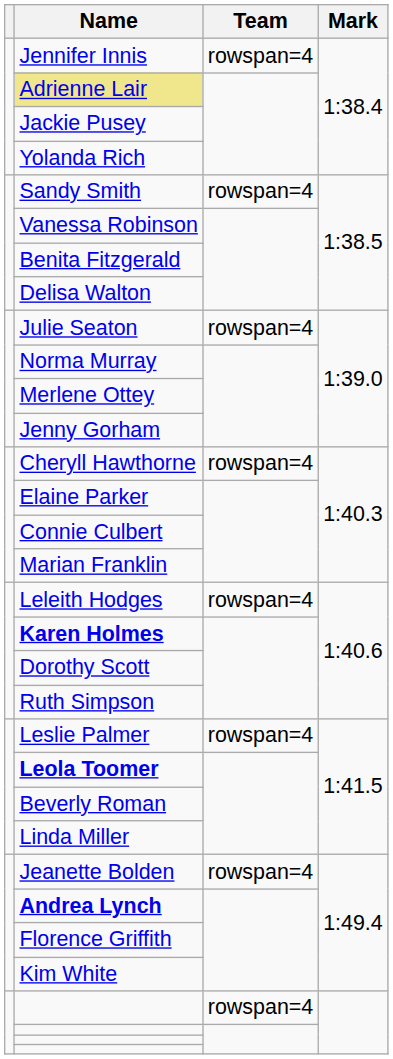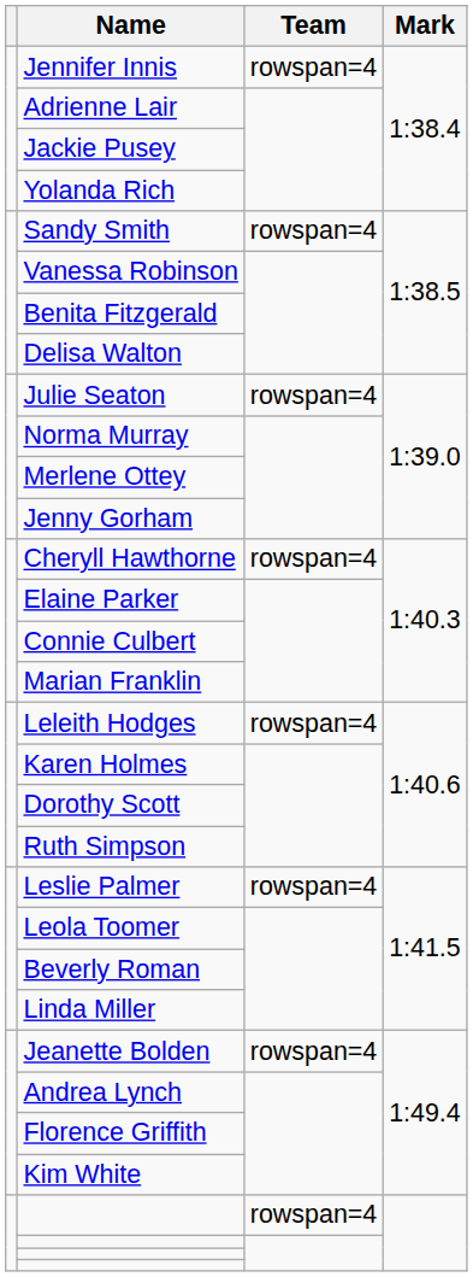 <table class=wikitable>
 <tr>
 <th></th>
 <th>Name</th>
 <th>Team</th>
 <th>Mark</th>
 </tr>
 <tr>
 <td rowspan=4></td>
 <td><a href='#'>Jennifer Innis</a></td>
 <td>rowspan=4 </td>
 <td rowspan=4>1:38.4</td>
 </tr>
 <tr>
-<td style="background: khaki;"><a href='#'>Adrienne Lair</a></td>
+<td><a href='#'>Adrienne Lair</a></td>
 </tr>
 <tr>
 <td><a href='#'>Jackie Pusey</a></td>
 </tr>
 <tr>
 <td><a href='#'>Yolanda Rich</a></td>
 </tr>
 <tr>
 <td rowspan=4></td>
 <td><a href='#'>Sandy Smith</a></td>
 <td>rowspan=4 </td>
 <td rowspan=4>1:38.5</td>
 </tr>
 <tr>
 <td><a href='#'>Vanessa Robinson</a></td>
 </tr>
 <tr>
 <td><a href='#'>Benita Fitzgerald</a></td>
 </tr>
 <tr>
 <td><a href='#'>Delisa Walton</a></td>
 </tr>
 <tr>
 <td rowspan=4></td>
 <td><a href='#'>Julie Seaton</a></td>
 <td>rowspan=4 </td>
 <td rowspan=4>1:39.0</td>
 </tr>
 <tr>
 <td><a href='#'>Norma Murray</a></td>
 </tr>
 <tr>
 <td><a href='#'>Merlene Ottey</a></td>
 </tr>
 <tr>
 <td><a href='#'>Jenny Gorham</a></td>
 </tr>
 <tr>
 <td rowspan=4></td>
 <td><a href='#'>Cheryll Hawthorne</a></td>
 <td>rowspan=4 </td>
 <td rowspan=4>1:40.3</td>
 </tr>
 <tr>
 <td><a href='#'>Elaine Parker</a></td>
 </tr>
 <tr>
 <td><a href='#'>Connie Culbert</a></td>
 </tr>
 <tr>
 <td><a href='#'>Marian Franklin</a></td>
 </tr>
 <tr>
 <td rowspan=4></td>
 <td><a href='#'>Leleith Hodges</a></td>
 <td>rowspan=4 </td>
 <td rowspan=4>1:40.6</td>
 </tr>
 <tr>
-<td><strong><a href='#'>Karen Holmes</a></strong></td>
+<td><a href='#'>Karen Holmes</a></td>
 </tr>
 <tr>
 <td><a href='#'>Dorothy Scott</a></td>
 </tr>
 <tr>
 <td><a href='#'>Ruth Simpson</a></td>
 </tr>
 <tr>
 <td rowspan=4></td>
 <td><a href='#'>Leslie Palmer</a></td>
 <td>rowspan=4 </td>
 <td rowspan=4>1:41.5</td>
 </tr>
 <tr>
-<td><strong><a href='#'>Leola Toomer</a></strong></td>
+<td><a href='#'>Leola Toomer</a></td>
 </tr>
 <tr>
 <td><a href='#'>Beverly Roman</a></td>
 </tr>
 <tr>
 <td><a href='#'>Linda Miller</a></td>
 </tr>
 <tr>
 <td rowspan=4></td>
 <td><a href='#'>Jeanette Bolden</a></td>
 <td>rowspan=4 </td>
 <td rowspan=4>1:49.4</td>
 </tr>
 <tr>
-<td><strong><a href='#'>Andrea Lynch</a></strong></td>
+<td><a href='#'>Andrea Lynch</a></td>
 </tr>
 <tr>
 <td><a href='#'>Florence Griffith</a></td>
 </tr>
 <tr>
 <td><a href='#'>Kim White</a></td>
 </tr>
 <tr>
 <td rowspan=4></td>
 <td></td>
 <td>rowspan=4 </td>
 <td rowspan=4></td>
 </tr>
 <tr>
 <td></td>
 </tr>
 <tr>
 <td></td>
 </tr>
 <tr>
 <td></td>
 </tr>
 </table>
